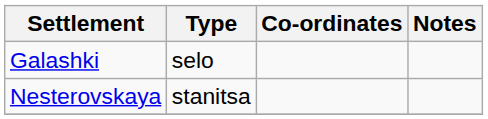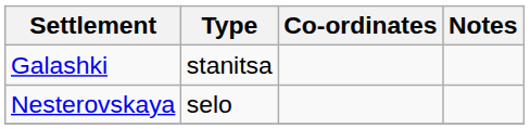 <table class="wikitable" style="display: inline-table; text-align: left;">
 <tr>
 <th>Settlement</th>
 <th>Type</th>
 <th>Co-ordinates</th>
 <th>Notes</th>
 </tr>
 <tr>
 <td><a href='#'>Galashki</a></td>
-<td>selo</td>
+<td>stanitsa</td>
 <td></td>
 <td></td>
 </tr>
 <tr>
 <td><a href='#'>Nesterovskaya</a></td>
-<td>stanitsa</td>
+<td>selo</td>
 <td></td>
 <td></td>
 </tr>
 <tr>
 </tr>
 </table>
